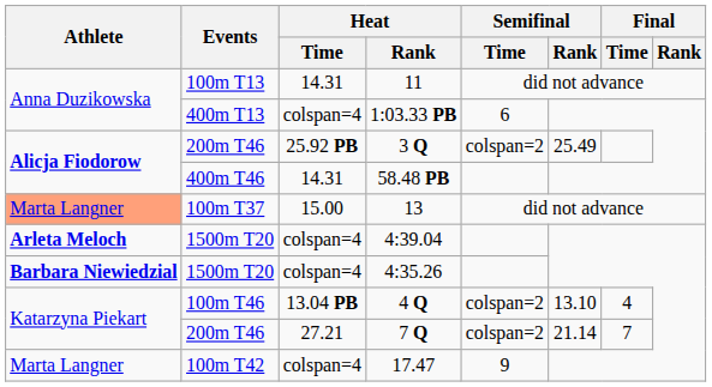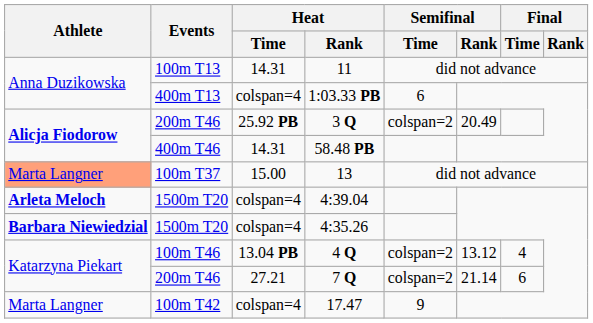 <table class=wikitable style="text-align: center; font-size:90%">
 <tr>
 <th rowspan="2">Athlete</th>
 <th rowspan="2">Events</th>
 <th colspan="2">Heat</th>
 <th colspan="2">Semifinal</th>
 <th colspan="2">Final</th>
 </tr>
 <tr>
 <th>Time</th>
 <th>Rank</th>
 <th>Time</th>
 <th>Rank</th>
 <th>Time</th>
 <th>Rank</th>
 </tr>
 <tr>
 <td align=left rowspan=2><a href='#'>Anna Duzikowska</a></td>
 <td align=left><a href='#'>100m T13</a></td>
 <td>14.31</td>
 <td>11</td>
 <td colspan=4>did not advance</td>
 </tr>
 <tr>
 <td align=left><a href='#'>400m T13</a></td>
 <td>colspan=4 </td>
 <td>1:03.33 <strong>PB</strong></td>
 <td>6</td>
 </tr>
 <tr>
 <td align=left rowspan=2><strong><a href='#'>Alicja Fiodorow</a></strong></td>
 <td align=left><a href='#'>200m T46</a></td>
 <td>25.92 <strong>PB</strong></td>
 <td>3 <strong>Q</strong></td>
 <td>colspan=2 </td>
-<td>25.49</td>
+<td>20.49</td>
 <td></td>
 </tr>
 <tr>
 <td align=left><a href='#'>400m T46</a></td>
 <td>14.31</td>
 <td>58.48 <strong>PB</strong></td>
 <td></td>
 </tr>
 <tr>
 <td align=left style="background: lightsalmon;"><a href='#'>Marta Langner</a></td>
 <td align=left><a href='#'>100m T37</a></td>
 <td>15.00</td>
 <td>13</td>
 <td colspan=4>did not advance</td>
 </tr>
 <tr>
 <td align=left><strong><a href='#'>Arleta Meloch</a></strong></td>
 <td align=left><a href='#'>1500m T20</a></td>
 <td>colspan=4 </td>
 <td>4:39.04</td>
 <td></td>
 </tr>
 <tr>
 <td align=left><strong><a href='#'>Barbara Niewiedzial</a></strong></td>
 <td align=left><a href='#'>1500m T20</a></td>
 <td>colspan=4 </td>
 <td>4:35.26</td>
 <td></td>
 </tr>
 <tr>
 <td align=left rowspan=2><a href='#'>Katarzyna Piekart</a></td>
 <td align=left><a href='#'>100m T46</a></td>
 <td>13.04 <strong>PB</strong></td>
 <td>4 <strong>Q</strong></td>
 <td>colspan=2 </td>
-<td>13.10</td>
+<td>13.12</td>
 <td>4</td>
 </tr>
 <tr>
 <td align=left><a href='#'>200m T46</a></td>
 <td>27.21</td>
 <td>7 <strong>Q</strong></td>
 <td>colspan=2 </td>
 <td>21.14</td>
-<td>7</td>
+<td>6</td>
 </tr>
 <tr>
 <td align=left><a href='#'>Marta Langner</a></td>
 <td align=left><a href='#'>100m T42</a></td>
 <td>colspan=4 </td>
 <td>17.47</td>
 <td>9</td>
 </tr>
 </table>
